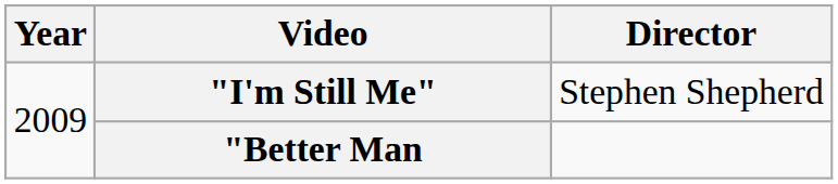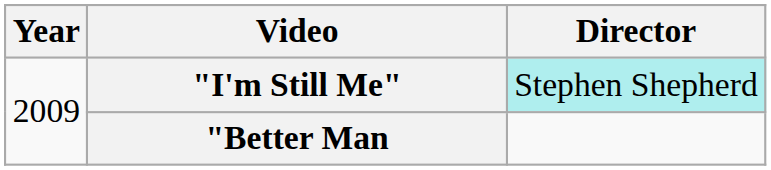 <table class="wikitable plainrowheaders">
 <tr>
 <th>Year</th>
 <th style="width:12em;">Video</th>
 <th>Director</th>
 </tr>
 <tr>
 <td rowspan="2">2009</td>
 <th scope="row">"I'm Still Me"</th>
-<td>Stephen Shepherd</td>
+<td style="background: paleturquoise;">Stephen Shepherd</td>
 </tr>
 <tr>
 <th scope="row">"Better Man</th>
 <td></td>
 </tr>
 </table>
